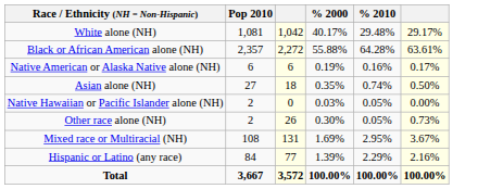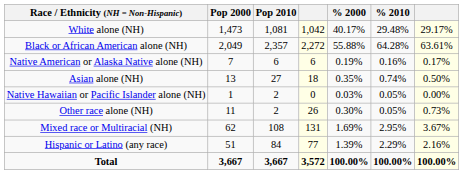 <table class="wikitable" style="text-align:center;">
 <tr>
 <th>Race / Ethnicity <small>(<em>NH = Non-Hispanic</em>)</small></th>
+<th>Pop 2000</th>
 <th>Pop 2010</th>
 <th></th>
 <th>% 2000</th>
 <th>% 2010</th>
 <th></th>
 </tr>
 <tr>
 <td><a href='#'>White</a> alone (NH)</td>
+<td>1,473</td>
 <td>1,081</td>
 <td style='background: #ffffe6;'>1,042</td>
 <td>40.17%</td>
 <td>29.48%</td>
 <td style='background: #ffffe6;'>29.17%</td>
 </tr>
 <tr>
 <td><a href='#'>Black or African American</a> alone (NH)</td>
+<td>2,049</td>
 <td>2,357</td>
 <td style='background: #ffffe6;'>2,272</td>
 <td>55.88%</td>
 <td>64.28%</td>
 <td style='background: #ffffe6;'>63.61%</td>
 </tr>
 <tr>
 <td><a href='#'>Native American</a> or <a href='#'>Alaska Native</a> alone (NH)</td>
+<td>7</td>
 <td>6</td>
 <td style='background: #ffffe6;'>6</td>
 <td>0.19%</td>
 <td>0.16%</td>
 <td style='background: #ffffe6;'>0.17%</td>
 </tr>
 <tr>
 <td><a href='#'>Asian</a> alone (NH)</td>
+<td>13</td>
 <td>27</td>
 <td style='background: #ffffe6;'>18</td>
 <td>0.35%</td>
 <td>0.74%</td>
 <td style='background: #ffffe6;'>0.50%</td>
 </tr>
 <tr>
 <td><a href='#'>Native Hawaiian</a> or <a href='#'>Pacific Islander</a> alone (NH)</td>
+<td>1</td>
 <td>2</td>
 <td style='background: #ffffe6;'>0</td>
 <td>0.03%</td>
 <td>0.05%</td>
 <td style='background: #ffffe6;'>0.00%</td>
 </tr>
 <tr>
 <td><a href='#'>Other race</a> alone (NH)</td>
+<td>11</td>
 <td>2</td>
 <td style='background: #ffffe6;'>26</td>
 <td>0.30%</td>
 <td>0.05%</td>
 <td style='background: #ffffe6;'>0.73%</td>
 </tr>
 <tr>
 <td><a href='#'>Mixed race or Multiracial</a> (NH)</td>
+<td>62</td>
 <td>108</td>
 <td style='background: #ffffe6;'>131</td>
 <td>1.69%</td>
 <td>2.95%</td>
 <td style='background: #ffffe6;'>3.67%</td>
 </tr>
 <tr>
 <td><a href='#'>Hispanic or Latino</a> (any race)</td>
+<td>51</td>
 <td>84</td>
 <td style='background: #ffffe6;'>77</td>
 <td>1.39%</td>
 <td>2.29%</td>
 <td style='background: #ffffe6;'>2.16%</td>
 </tr>
 <tr>
 <td><strong>Total</strong></td>
 <td><strong>3,667</strong></td>
+<td><strong>3,667</strong></td>
 <td style='background: #ffffe6;'><strong>3,572</strong></td>
 <td><strong>100.00%</strong></td>
 <td><strong>100.00%</strong></td>
 <td style='background: #ffffe6;'><strong>100.00%</strong></td>
 </tr>
 </table>
